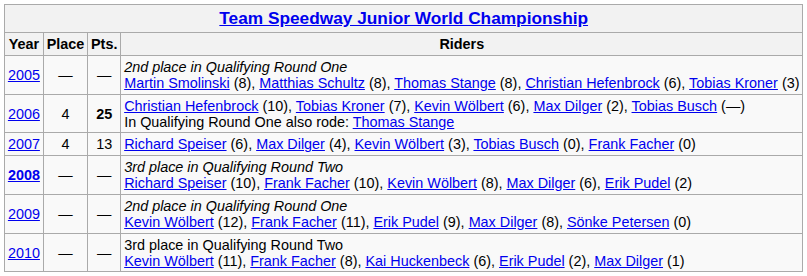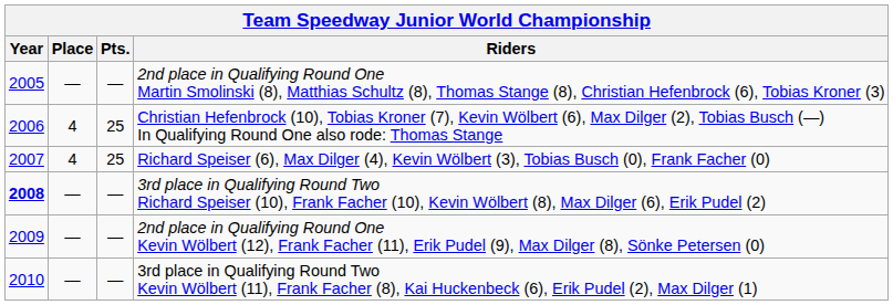 <table class=wikitable style="font-size: 90%;">
 <tr>
 <th colspan=4><big><a href='#'>Team Speedway Junior World Championship</a></big></th>
 </tr>
 <tr>
 <th>Year</th>
 <th>Place</th>
 <th>Pts.</th>
 <th>Riders</th>
 </tr>
 <tr align=center >
 <td><a href='#'>2005</a></td>
 <td>—</td>
 <td>—</td>
 <td align=left><em>2nd place in Qualifying Round One</em> <br> <a href='#'>Martin Smolinski</a> (8), <a href='#'>Matthias Schultz</a> (8), <a href='#'>Thomas Stange</a> (8), <a href='#'>Christian Hefenbrock</a> (6), <a href='#'>Tobias Kroner</a> (3)</td>
 </tr>
 <tr align=center>
 <td><a href='#'>2006</a></td>
 <td>4</td>
-<td><strong>25</strong></td>
+<td>25</td>
 <td align=left><a href='#'>Christian Hefenbrock</a> (10), <a href='#'>Tobias Kroner</a> (7), <a href='#'>Kevin Wölbert</a> (6), <a href='#'>Max Dilger</a> (2), <a href='#'>Tobias Busch</a> (—) <br>In Qualifying Round One also rode: <a href='#'>Thomas Stange</a></td>
 </tr>
 <tr align=center>
 <td><a href='#'>2007</a></td>
 <td>4</td>
-<td>13</td>
+<td>25</td>
 <td align=left><a href='#'>Richard Speiser</a> (6), <a href='#'>Max Dilger</a> (4), <a href='#'>Kevin Wölbert</a> (3), <a href='#'>Tobias Busch</a> (0), <a href='#'>Frank Facher</a> (0)</td>
 </tr>
 <tr align=center >
 <td><strong><a href='#'>2008</a></strong></td>
 <td>—</td>
 <td>—</td>
 <td align=left><em>3rd place in Qualifying Round Two</em> <br> <a href='#'>Richard Speiser</a> (10), <a href='#'>Frank Facher</a> (10), <a href='#'>Kevin Wölbert</a> (8), <a href='#'>Max Dilger</a> (6), <a href='#'>Erik Pudel</a> (2)</td>
 </tr>
 <tr align=center >
 <td><a href='#'>2009</a></td>
 <td>—</td>
 <td>—</td>
 <td align=left><em>2nd place in Qualifying Round One</em> <br> <a href='#'>Kevin Wölbert</a> (12), <a href='#'>Frank Facher</a> (11), <a href='#'>Erik Pudel</a> (9), <a href='#'>Max Dilger</a> (8), <a href='#'>Sönke Petersen</a> (0)</td>
 </tr>
 <tr align=center >
 <td><a href='#'>2010</a></td>
 <td>—</td>
 <td>—</td>
 <td align=left>3rd place in Qualifying Round Two<br> <a href='#'>Kevin Wölbert</a> (11), <a href='#'>Frank Facher</a> (8), <a href='#'>Kai Huckenbeck</a> (6), <a href='#'>Erik Pudel</a> (2), <a href='#'>Max Dilger</a> (1)</td>
 </tr>
 </table>
